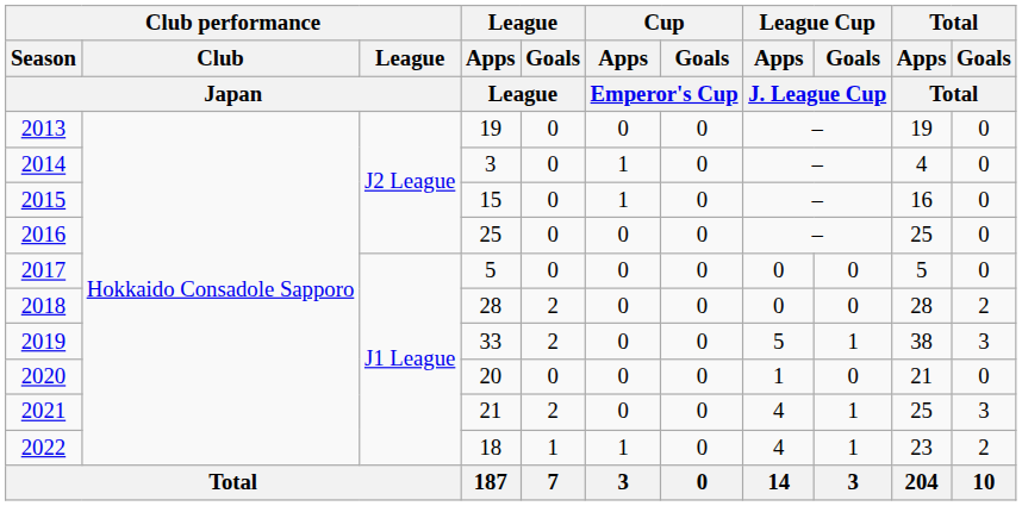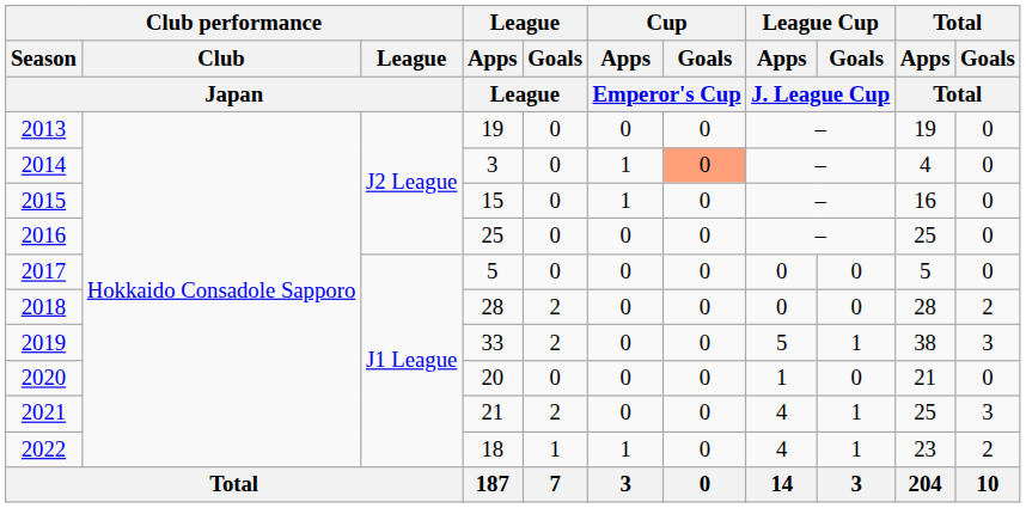 <table class="wikitable" style="text-align:center;">
 <tr>
 <th colspan=3>Club performance</th>
 <th colspan=2>League</th>
 <th colspan=2>Cup</th>
 <th colspan=2>League Cup</th>
 <th colspan=2>Total</th>
 </tr>
 <tr>
 <th>Season</th>
 <th>Club</th>
 <th>League</th>
 <th>Apps</th>
 <th>Goals</th>
 <th>Apps</th>
 <th>Goals</th>
 <th>Apps</th>
 <th>Goals</th>
 <th>Apps</th>
 <th>Goals</th>
 </tr>
 <tr>
 <th colspan=3>Japan</th>
 <th colspan=2>League</th>
 <th colspan=2><a href='#'>Emperor's Cup</a></th>
 <th colspan=2><a href='#'>J. League Cup</a></th>
 <th colspan=2>Total</th>
 </tr>
 <tr>
 <td><a href='#'>2013</a></td>
 <td rowspan="10"><a href='#'>Hokkaido Consadole Sapporo</a></td>
 <td rowspan="4"><a href='#'>J2 League</a></td>
 <td>19</td>
 <td>0</td>
 <td>0</td>
 <td>0</td>
 <td colspan="2">–</td>
 <td>19</td>
 <td>0</td>
 </tr>
 <tr>
 <td><a href='#'>2014</a></td>
 <td>3</td>
 <td>0</td>
 <td>1</td>
-<td>0</td>
+<td style="background: lightsalmon;">0</td>
 <td colspan="2">–</td>
 <td>4</td>
 <td>0</td>
 </tr>
 <tr>
 <td><a href='#'>2015</a></td>
 <td>15</td>
 <td>0</td>
 <td>1</td>
 <td>0</td>
 <td colspan="2">–</td>
 <td>16</td>
 <td>0</td>
 </tr>
 <tr>
 <td><a href='#'>2016</a></td>
 <td>25</td>
 <td>0</td>
 <td>0</td>
 <td>0</td>
 <td colspan="2">–</td>
 <td>25</td>
 <td>0</td>
 </tr>
 <tr>
 <td><a href='#'>2017</a></td>
 <td rowspan="6"><a href='#'>J1 League</a></td>
 <td>5</td>
 <td>0</td>
 <td>0</td>
 <td>0</td>
 <td>0</td>
 <td>0</td>
 <td>5</td>
 <td>0</td>
 </tr>
 <tr>
 <td><a href='#'>2018</a></td>
 <td>28</td>
 <td>2</td>
 <td>0</td>
 <td>0</td>
 <td>0</td>
 <td>0</td>
 <td>28</td>
 <td>2</td>
 </tr>
 <tr>
 <td><a href='#'>2019</a></td>
 <td>33</td>
 <td>2</td>
 <td>0</td>
 <td>0</td>
 <td>5</td>
 <td>1</td>
 <td>38</td>
 <td>3</td>
 </tr>
 <tr>
 <td><a href='#'>2020</a></td>
 <td>20</td>
 <td>0</td>
 <td>0</td>
 <td>0</td>
 <td>1</td>
 <td>0</td>
 <td>21</td>
 <td>0</td>
 </tr>
 <tr>
 <td><a href='#'>2021</a></td>
 <td>21</td>
 <td>2</td>
 <td>0</td>
 <td>0</td>
 <td>4</td>
 <td>1</td>
 <td>25</td>
 <td>3</td>
 </tr>
 <tr>
 <td><a href='#'>2022</a></td>
 <td>18</td>
 <td>1</td>
 <td>1</td>
 <td>0</td>
 <td>4</td>
 <td>1</td>
 <td>23</td>
 <td>2</td>
 </tr>
 <tr>
 <th colspan="3">Total</th>
 <th>187</th>
 <th>7</th>
 <th>3</th>
 <th>0</th>
 <th>14</th>
 <th>3</th>
 <th>204</th>
 <th>10</th>
 </tr>
 </table>
